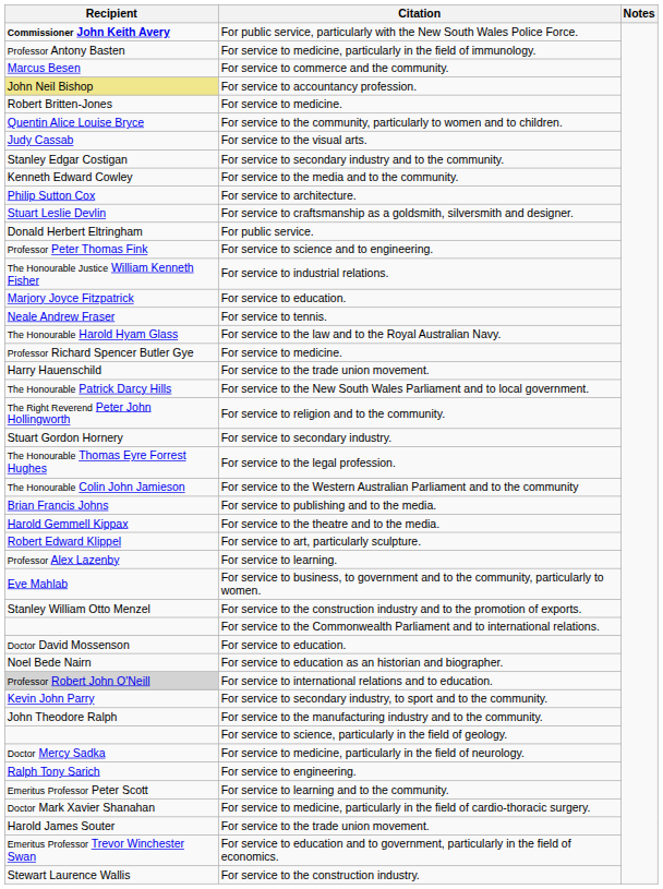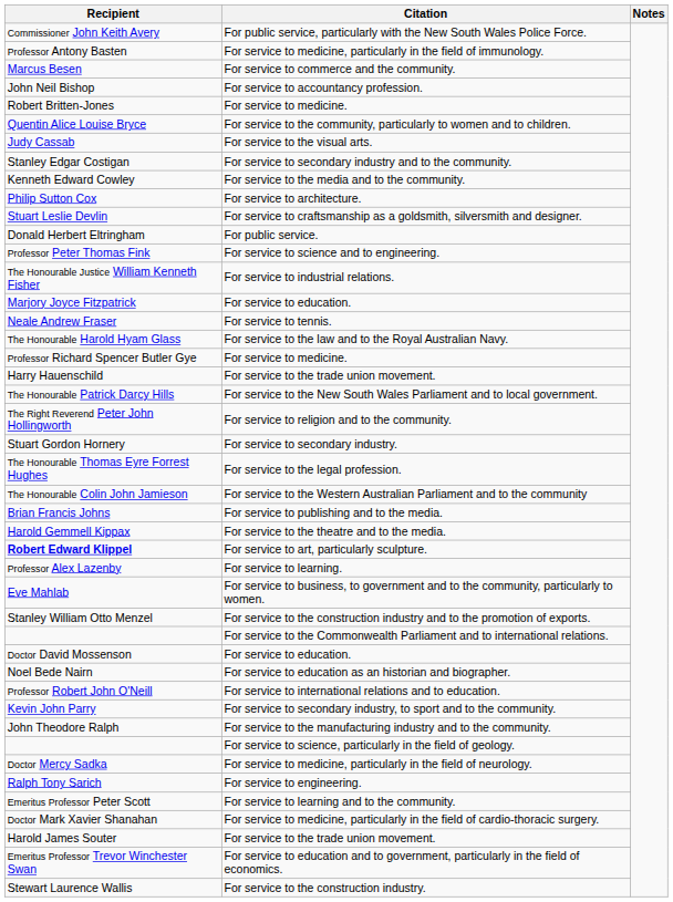 <table class="wikitable" style="font-size:95%;">
 <tr>
 <th>Recipient</th>
 <th>Citation</th>
 <th>Notes</th>
 </tr>
 <tr>
-<td><strong><small>Commissioner</small> <a href='#'>John Keith Avery</a> </strong></td>
+<td><small>Commissioner</small> <a href='#'>John Keith Avery</a> </td>
 <td>For public service, particularly with the New South Wales Police Force.</td>
 <td rowspan=50></td>
 </tr>
 <tr>
 <td><small>Professor</small> Antony Basten</td>
 <td>For service to medicine, particularly in the field of immunology.</td>
 </tr>
 <tr>
 <td><a href='#'>Marcus Besen</a></td>
 <td>For service to commerce and the community.</td>
 </tr>
 <tr>
-<td style="background: khaki;">John Neil Bishop</td>
+<td>John Neil Bishop</td>
 <td>For service to accountancy profession.</td>
 </tr>
 <tr>
 <td>Robert Britten-Jones</td>
 <td>For service to medicine.</td>
 </tr>
 <tr>
 <td><a href='#'>Quentin Alice Louise Bryce</a></td>
 <td>For service to the community, particularly to women and to children.</td>
 </tr>
 <tr>
 <td><a href='#'>Judy Cassab</a> </td>
 <td>For service to the visual arts.</td>
 </tr>
 <tr>
 <td>Stanley Edgar Costigan</td>
 <td>For service to secondary industry and to the community.</td>
 </tr>
 <tr>
 <td>Kenneth Edward Cowley</td>
 <td>For service to the media and to the community.</td>
 </tr>
 <tr>
 <td><a href='#'>Philip Sutton Cox</a></td>
 <td>For service to architecture.</td>
 </tr>
 <tr>
 <td><a href='#'>Stuart Leslie Devlin</a> </td>
 <td>For service to craftsmanship as a goldsmith, silversmith and designer.</td>
 </tr>
 <tr>
 <td>Donald Herbert Eltringham</td>
 <td>For public service.</td>
 </tr>
 <tr>
 <td><small>Professor</small> <a href='#'>Peter Thomas Fink</a> </td>
 <td>For service to science and to engineering.</td>
 </tr>
 <tr>
 <td><small>The Honourable Justice</small> <a href='#'>William Kenneth Fisher</a></td>
 <td>For service to industrial relations.</td>
 </tr>
 <tr>
 <td><a href='#'>Marjory Joyce Fitzpatrick</a></td>
 <td>For service to education.</td>
 </tr>
 <tr>
 <td><a href='#'>Neale Andrew Fraser</a> </td>
 <td>For service to tennis.</td>
 </tr>
 <tr>
 <td><small>The Honourable</small> <a href='#'>Harold Hyam Glass</a> </td>
 <td>For service to the law and to the Royal Australian Navy.</td>
 </tr>
 <tr>
 <td><small>Professor</small> Richard Spencer Butler Gye</td>
 <td>For service to medicine.</td>
 </tr>
 <tr>
 <td>Harry Hauenschild</td>
 <td>For service to the trade union movement.</td>
 </tr>
 <tr>
 <td><small>The Honourable</small> <a href='#'>Patrick Darcy Hills</a> </td>
 <td>For service to the New South Wales Parliament and to local government.</td>
 </tr>
 <tr>
 <td><small>The Right Reverend</small> <a href='#'>Peter John Hollingworth</a></td>
 <td>For service to religion and to the community.</td>
 </tr>
 <tr>
 <td>Stuart Gordon Hornery</td>
 <td>For service to secondary industry.</td>
 </tr>
 <tr>
 <td><small>The Honourable</small> <a href='#'>Thomas Eyre Forrest Hughes</a> </td>
 <td>For service to the legal profession.</td>
 </tr>
 <tr>
 <td><small>The Honourable</small> <a href='#'>Colin John Jamieson</a></td>
 <td>For service to the Western Australian Parliament and to the community</td>
 </tr>
 <tr>
 <td><a href='#'>Brian Francis Johns</a></td>
 <td>For service to publishing and to the media.</td>
 </tr>
 <tr>
 <td><a href='#'>Harold Gemmell Kippax</a></td>
 <td>For service to the theatre and to the media.</td>
 </tr>
 <tr>
-<td><a href='#'>Robert Edward Klippel</a></td>
+<td><strong><a href='#'>Robert Edward Klippel</a></strong></td>
 <td>For service to art, particularly sculpture.</td>
 </tr>
 <tr>
 <td><small>Professor</small> <a href='#'>Alex Lazenby</a></td>
 <td>For service to learning.</td>
 </tr>
 <tr>
 <td><a href='#'>Eve Mahlab</a></td>
 <td>For service to business, to government and to the community, particularly to women.</td>
 </tr>
 <tr>
 <td>Stanley William Otto Menzel </td>
 <td>For service to the construction industry and to the promotion of exports.</td>
 </tr>
 <tr>
 <td></td>
 <td>For service to the Commonwealth Parliament and to international relations.</td>
 </tr>
 <tr>
 <td><small>Doctor</small> David Mossenson </td>
 <td>For service to education.</td>
 </tr>
 <tr>
 <td>Noel Bede Nairn</td>
 <td>For service to education as an historian and biographer.</td>
 </tr>
 <tr>
-<td style="background: lightgrey;"><small>Professor</small> <a href='#'>Robert John O'Neill</a></td>
+<td><small>Professor</small> <a href='#'>Robert John O'Neill</a></td>
 <td>For service to international relations and to education.</td>
 </tr>
 <tr>
 <td><a href='#'>Kevin John Parry</a></td>
 <td>For service to secondary industry, to sport and to the community.</td>
 </tr>
 <tr>
 <td>John Theodore Ralph</td>
 <td>For service to the manufacturing industry and to the community.</td>
 </tr>
 <tr>
 <td></td>
 <td>For service to science, particularly in the field of geology.</td>
 </tr>
 <tr>
 <td><small>Doctor</small> <a href='#'>Mercy Sadka</a></td>
 <td>For service to medicine, particularly in the field of neurology.</td>
 </tr>
 <tr>
 <td><a href='#'>Ralph Tony Sarich</a></td>
 <td>For service to engineering.</td>
 </tr>
 <tr>
 <td><small>Emeritus Professor</small> Peter Scott </td>
 <td>For service to learning and to the community.</td>
 </tr>
 <tr>
 <td><small>Doctor</small> Mark Xavier Shanahan</td>
 <td>For service to medicine, particularly in the field of cardio-thoracic surgery.</td>
 </tr>
 <tr>
 <td>Harold James Souter </td>
 <td>For service to the trade union movement.</td>
 </tr>
 <tr>
 <td><small>Emeritus Professor</small> <a href='#'>Trevor Winchester Swan</a></td>
 <td>For service to education and to government, particularly in the field of economics.</td>
 </tr>
 <tr>
 <td>Stewart Laurence Wallis</td>
 <td>For service to the construction industry.</td>
 </tr>
 </table>
